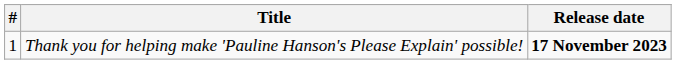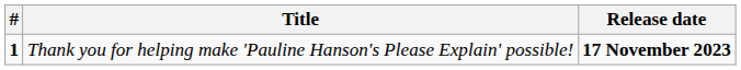 <table class="wikitable">
 <tr>
 <th>#</th>
 <th>Title</th>
 <th>Release date</th>
 </tr>
 <tr>
-<td>1</td>
+<td><strong>1</strong></td>
 <td><em>Thank you for helping make 'Pauline Hanson's Please Explain' possible!</em></td>
 <td><strong>17 November 2023</strong></td>
 </tr>
 </table>
